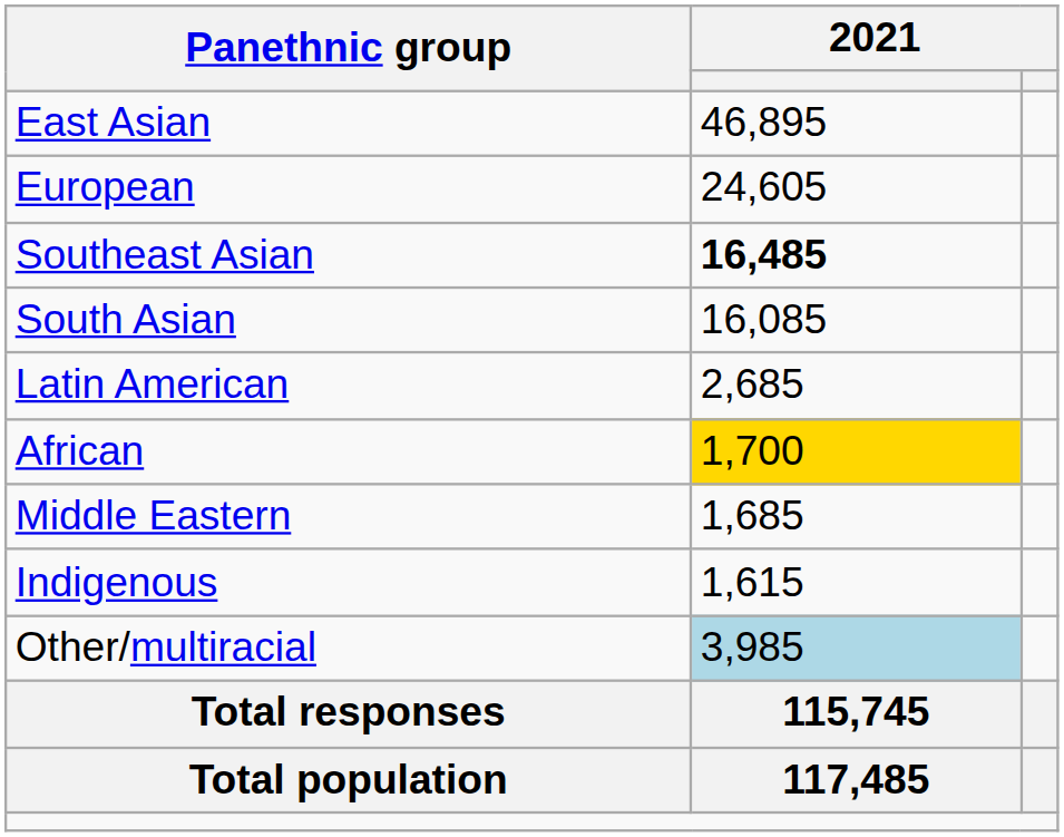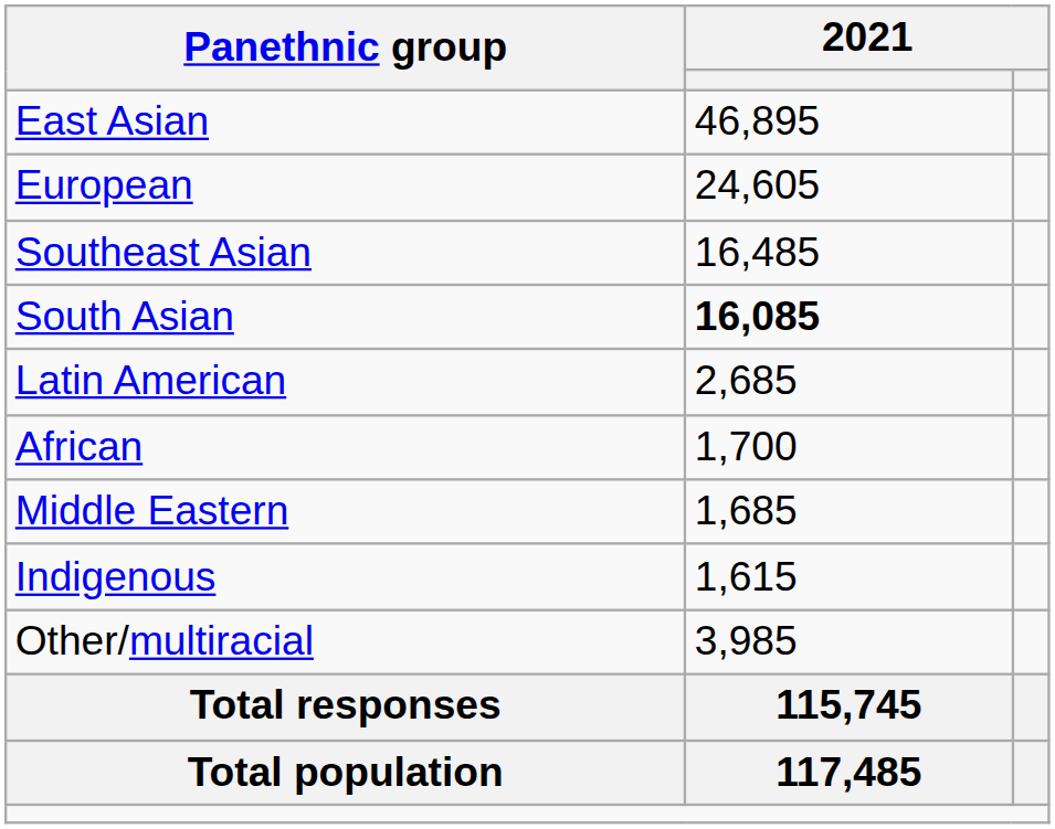 <table class="wikitable collapsible sortable">
 <tr>
 <th rowspan="2"><a href='#'>Panethnic</a> group</th>
 <th colspan="2">2021</th>
 </tr>
 <tr>
 <th><a href='#'></a></th>
 <th></th>
 </tr>
 <tr>
 <td><a href='#'>East Asian</a></td>
 <td>46,895</td>
 <td></td>
 </tr>
 <tr>
 <td><a href='#'>European</a></td>
 <td>24,605</td>
 <td></td>
 </tr>
 <tr>
 <td><a href='#'>Southeast Asian</a></td>
-<td><strong>16,485</strong></td>
+<td>16,485</td>
 <td></td>
 </tr>
 <tr>
 <td><a href='#'>South Asian</a></td>
-<td>16,085</td>
+<td><strong>16,085</strong></td>
 <td></td>
 </tr>
 <tr>
 <td><a href='#'>Latin American</a></td>
 <td>2,685</td>
 <td></td>
 </tr>
 <tr>
 <td><a href='#'>African</a></td>
-<td style="background: gold;">1,700</td>
+<td>1,700</td>
 <td></td>
 </tr>
 <tr>
 <td><a href='#'>Middle Eastern</a></td>
 <td>1,685</td>
 <td></td>
 </tr>
 <tr>
 <td><a href='#'>Indigenous</a></td>
 <td>1,615</td>
 <td></td>
 </tr>
 <tr>
 <td>Other/<a href='#'>multiracial</a></td>
-<td style="background: lightblue;">3,985</td>
+<td>3,985</td>
 <td></td>
 </tr>
 <tr>
 <th>Total responses</th>
 <th>115,745</th>
 <th></th>
 </tr>
 <tr class="sortbottom">
 <th>Total population</th>
 <th>117,485</th>
 <th></th>
 </tr>
 <tr class="sortbottom">
 <td colspan="15" style="width: 25em;"></td>
 </tr>
 </table>
